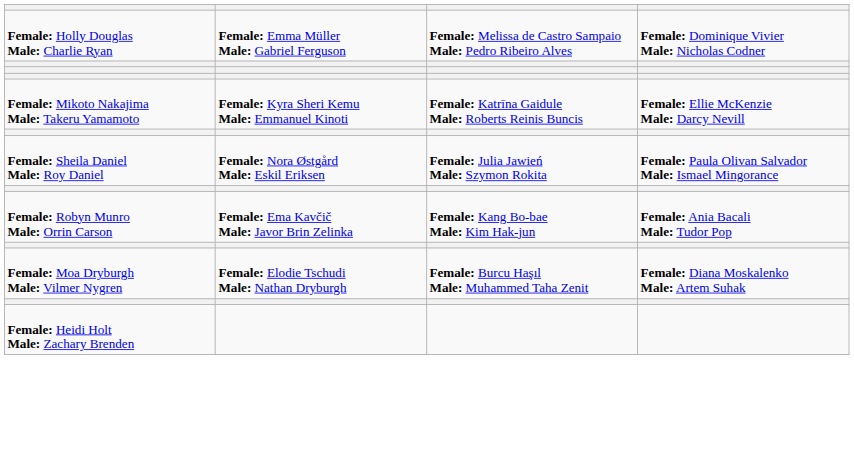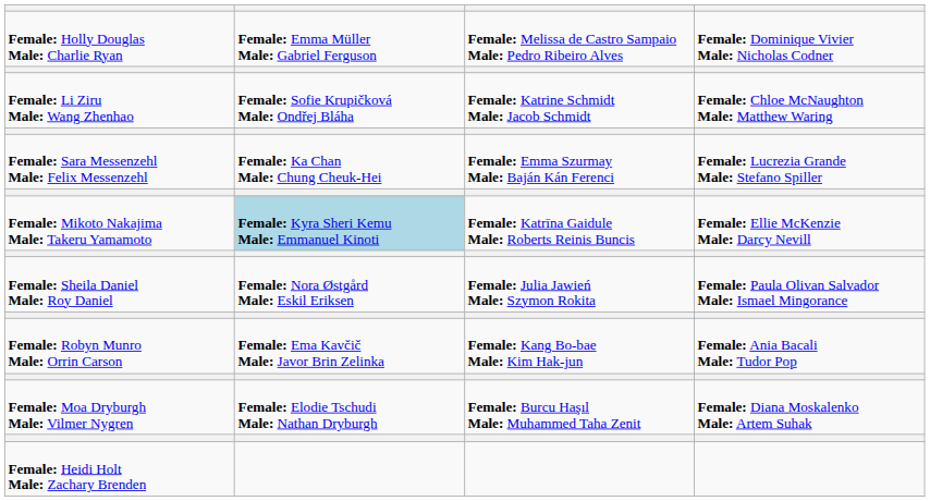 <table class="wikitable">
 <tr>
 <th width=250></th>
 <th width=250></th>
 <th width=250></th>
 <th width=250></th>
 </tr>
 <tr>
 <td><br><strong>Female:</strong> <a href='#'>Holly Douglas</a><br> <strong>Male:</strong> <a href='#'>Charlie Ryan</a></td>
 <td><br><strong>Female:</strong> <a href='#'>Emma Müller</a><br> <strong>Male:</strong> <a href='#'>Gabriel Ferguson</a></td>
 <td><br><strong>Female:</strong> <a href='#'>Melissa de Castro Sampaio</a><br> <strong>Male:</strong> <a href='#'>Pedro Ribeiro Alves</a></td>
 <td><br><strong>Female:</strong> <a href='#'>Dominique Vivier</a><br> <strong>Male:</strong> <a href='#'>Nicholas Codner</a></td>
 </tr>
 <tr>
 <th width=250></th>
 <th width=250></th>
 <th width=250></th>
 <th width=250></th>
 </tr>
 <tr>
+<td><br><strong>Female:</strong> <a href='#'>Li Ziru</a><br> <strong>Male:</strong> <a href='#'>Wang Zhenhao</a></td>
+<td><br><strong>Female:</strong> <a href='#'>Sofie Krupičková</a><br> <strong>Male:</strong> <a href='#'>Ondřej Bláha</a></td>
+<td><br><strong>Female:</strong> <a href='#'>Katrine Schmidt</a><br> <strong>Male:</strong> <a href='#'>Jacob Schmidt</a></td>
+<td><br><strong>Female:</strong> <a href='#'>Chloe McNaughton</a><br> <strong>Male:</strong> <a href='#'>Matthew Waring</a></td>
+</tr>
+<tr>
 <th width=250></th>
 <th width=250></th>
 <th width=250></th>
 <th width=250></th>
+</tr>
+<tr>
+<td><br><strong>Female:</strong> <a href='#'>Sara Messenzehl</a><br> <strong>Male:</strong> <a href='#'>Felix Messenzehl</a></td>
+<td><br><strong>Female:</strong> <a href='#'>Ka Chan</a><br> <strong>Male:</strong> <a href='#'>Chung Cheuk-Hei</a></td>
+<td><br><strong>Female:</strong> <a href='#'>Emma Szurmay</a><br> <strong>Male:</strong> <a href='#'>Baján Kán Ferenci</a></td>
+<td><br><strong>Female:</strong> <a href='#'>Lucrezia Grande</a><br> <strong>Male:</strong> <a href='#'>Stefano Spiller</a></td>
 </tr>
 <tr>
 <th width=250></th>
 <th width=250></th>
 <th width=250></th>
 <th width=250></th>
 </tr>
 <tr>
 <td><br><strong>Female:</strong> <a href='#'>Mikoto Nakajima</a><br> <strong>Male:</strong> <a href='#'>Takeru Yamamoto</a></td>
-<td><br><strong>Female:</strong> <a href='#'>Kyra Sheri Kemu</a><br> <strong>Male:</strong> <a href='#'>Emmanuel Kinoti</a></td>
+<td style="background: lightblue;"><br><strong>Female:</strong> <a href='#'>Kyra Sheri Kemu</a><br> <strong>Male:</strong> <a href='#'>Emmanuel Kinoti</a></td>
 <td><br><strong>Female:</strong> <a href='#'>Katrīna Gaidule</a><br> <strong>Male:</strong> <a href='#'>Roberts Reinis Buncis</a></td>
 <td><br><strong>Female:</strong> <a href='#'>Ellie McKenzie</a><br> <strong>Male:</strong> <a href='#'>Darcy Nevill</a></td>
 </tr>
 <tr>
 <th width=250></th>
 <th width=250></th>
 <th width=250></th>
 <th width=250></th>
 </tr>
 <tr>
 <td><br><strong>Female:</strong> <a href='#'>Sheila Daniel</a><br> <strong>Male:</strong> <a href='#'>Roy Daniel</a></td>
 <td><br><strong>Female:</strong> <a href='#'>Nora Østgård</a><br> <strong>Male:</strong> <a href='#'>Eskil Eriksen</a></td>
 <td><br><strong>Female:</strong> <a href='#'>Julia Jawień</a><br> <strong>Male:</strong> <a href='#'>Szymon Rokita</a></td>
 <td><br><strong>Female:</strong> <a href='#'>Paula Olivan Salvador</a><br> <strong>Male:</strong> <a href='#'>Ismael Mingorance</a></td>
 </tr>
 <tr>
 <th width=250></th>
 <th width=250></th>
 <th width=250></th>
 <th width=250></th>
 </tr>
 <tr>
 <td><br><strong>Female:</strong> <a href='#'>Robyn Munro</a><br> <strong>Male:</strong> <a href='#'>Orrin Carson</a></td>
 <td><br><strong>Female:</strong> <a href='#'>Ema Kavčič</a><br> <strong>Male:</strong> <a href='#'>Javor Brin Zelinka</a></td>
 <td><br><strong>Female:</strong> <a href='#'>Kang Bo-bae</a><br> <strong>Male:</strong> <a href='#'>Kim Hak-jun</a></td>
 <td><br><strong>Female:</strong> <a href='#'>Ania Bacali</a><br> <strong>Male:</strong> <a href='#'>Tudor Pop</a></td>
 </tr>
 <tr>
 <th width=250></th>
 <th width=250></th>
 <th width=250></th>
 <th width=250></th>
 </tr>
 <tr>
 <td><br><strong>Female:</strong> <a href='#'>Moa Dryburgh</a><br> <strong>Male:</strong> <a href='#'>Vilmer Nygren</a></td>
 <td><br><strong>Female:</strong> <a href='#'>Elodie Tschudi</a><br> <strong>Male:</strong> <a href='#'>Nathan Dryburgh</a></td>
 <td><br><strong>Female:</strong> <a href='#'>Burcu Haşıl</a><br> <strong>Male:</strong> <a href='#'>Muhammed Taha Zenit</a></td>
 <td><br><strong>Female:</strong> <a href='#'>Diana Moskalenko</a><br> <strong>Male:</strong> <a href='#'>Artem Suhak</a></td>
 </tr>
 <tr>
 <th width=250></th>
 <th width=250></th>
 <th width=250></th>
 <th width=250></th>
 </tr>
 <tr>
 <td><br><strong>Female:</strong> <a href='#'>Heidi Holt</a><br> <strong>Male:</strong> <a href='#'>Zachary Brenden</a></td>
 <td></td>
 <td></td>
 <td></td>
 </tr>
 </table>
